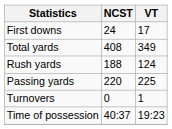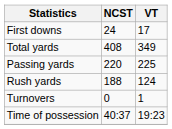 <table class="wikitable" style="float: left;">
 <tr>
 <th>Statistics</th>
 <th>NCST</th>
 <th>VT</th>
 </tr>
 <tr>
 <td>First downs</td>
 <td>24</td>
 <td>17</td>
 </tr>
 <tr>
 <td>Total yards</td>
 <td>408</td>
 <td>349</td>
 </tr>
 <tr>
+<td>Passing yards</td>
+<td>220</td>
+<td>225</td>
+</tr>
+<tr>
 <td>Rush yards</td>
 <td>188</td>
 <td>124</td>
-</tr>
-<tr>
-<td>Passing yards</td>
-<td>220</td>
-<td>225</td>
 </tr>
 <tr>
 <td>Turnovers</td>
 <td>0</td>
 <td>1</td>
 </tr>
 <tr>
 <td>Time of possession</td>
 <td>40:37</td>
 <td>19:23</td>
 </tr>
 <tr>
 </tr>
 </table>
